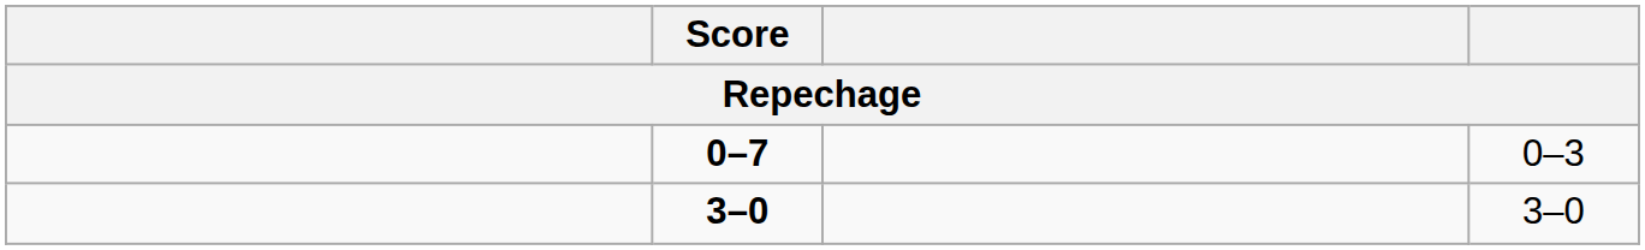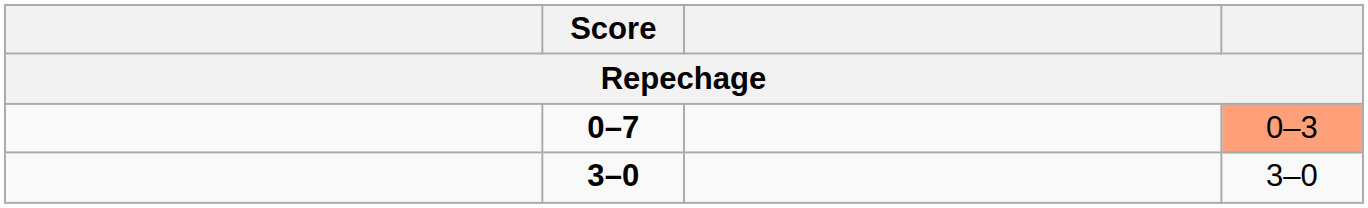 <table class="wikitable" style="text-align: left;">
 <tr>
 <th align="right" width="270"></th>
 <th width="65">Score</th>
 <th align="left" width="270"></th>
 <th width="65"></th>
 </tr>
 <tr>
 <th colspan=4>Repechage</th>
 </tr>
 <tr>
 <td></td>
 <td align="center"><strong>0–7</strong></td>
 <td><strong></strong></td>
-<td align=center>0–3 <strong></strong></td>
+<td align=center style="background: lightsalmon;">0–3 <strong></strong></td>
 </tr>
 <tr>
 <td><strong></strong></td>
 <td align="center"><strong>3–0</strong></td>
 <td></td>
 <td align=center>3–0 <strong></strong></td>
 </tr>
 </table>
